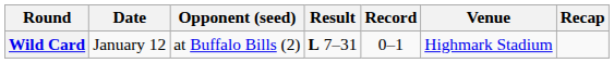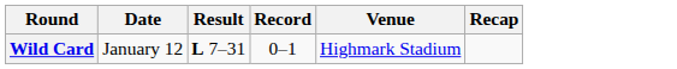 <table class="wikitable" style="text-align:center">
 <tr>
 <th>Round</th>
 <th>Date</th>
-<th>Opponent (seed)</th>
 <th>Result</th>
 <th>Record</th>
 <th>Venue</th>
 <th>Recap</th>
 </tr>
 <tr>
 <th><a href='#'>Wild Card</a></th>
 <td>January 12</td>
-<td>at <a href='#'>Buffalo Bills</a> (2)</td>
 <td><strong>L</strong> 7–31</td>
 <td>0–1</td>
 <td><a href='#'>Highmark Stadium</a></td>
 <td></td>
 </tr>
 </table>
